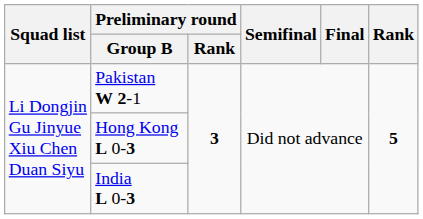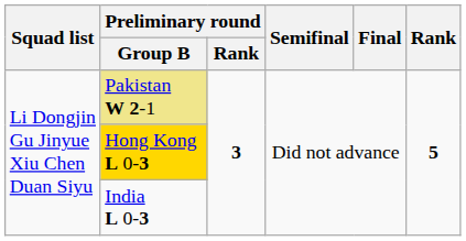 <table class="wikitable"style="text-align:left; font-size:90%">
 <tr>
 <th rowspan="2">Squad list</th>
 <th colspan="2">Preliminary round</th>
 <th rowspan="2">Semifinal</th>
 <th rowspan="2">Final</th>
 <th rowspan="2">Rank</th>
 </tr>
 <tr>
 <th>Group B</th>
 <th>Rank</th>
 </tr>
 <tr>
 <td rowspan=3><a href='#'>Li Dongjin</a><br><a href='#'>Gu Jinyue</a><br><a href='#'>Xiu Chen</a><br><a href='#'>Duan Siyu</a></td>
-<td><a href='#'>Pakistan</a><br><strong>W</strong> <strong>2</strong>-1</td>
+<td style="background: khaki;"><a href='#'>Pakistan</a><br><strong>W</strong> <strong>2</strong>-1</td>
 <td rowspan="3" style="text-align:center;"><strong>3</strong></td>
 <td rowspan="3" colspan="2" style="text-align:center;">Did not advance</td>
 <td rowspan="3" style="text-align:center;"><strong>5</strong></td>
 </tr>
 <tr>
-<td><a href='#'>Hong Kong</a><br><strong>L</strong> 0-<strong>3</strong></td>
+<td style="background: gold;"><a href='#'>Hong Kong</a><br><strong>L</strong> 0-<strong>3</strong></td>
 </tr>
 <tr>
 <td><a href='#'>India</a><br><strong>L</strong> 0-<strong>3</strong></td>
 </tr>
 </table>
